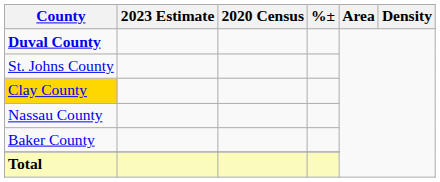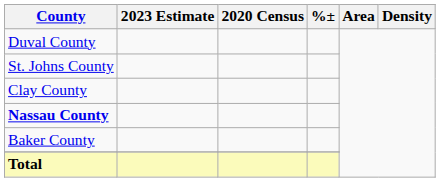 <table class="wikitable sortable">
 <tr>
 <th><a href='#'>County</a></th>
 <th>2023 Estimate</th>
 <th>2020 Census</th>
 <th>%±</th>
 <th>Area</th>
 <th>Density</th>
 </tr>
 <tr>
-<td><strong><a href='#'>Duval County</a></strong></td>
+<td><a href='#'>Duval County</a></td>
 <td></td>
 <td></td>
 <td></td>
 </tr>
 <tr>
 <td><a href='#'>St. Johns County</a></td>
 <td></td>
 <td></td>
 <td></td>
 </tr>
 <tr>
-<td style="background: gold;"><a href='#'>Clay County</a></td>
+<td><a href='#'>Clay County</a></td>
 <td></td>
 <td></td>
 <td></td>
 </tr>
 <tr>
-<td><a href='#'>Nassau County</a></td>
+<td><strong><a href='#'>Nassau County</a></strong></td>
 <td></td>
 <td></td>
 <td></td>
 </tr>
 <tr>
 <td><a href='#'>Baker County</a></td>
 <td></td>
 <td></td>
 <td></td>
 </tr>
 <tr>
 </tr>
 <tr class=sortbottom style="background:#fbfbbb">
 <td><strong>Total</strong></td>
 <td></td>
 <td></td>
 <td></td>
 </tr>
 </table>
